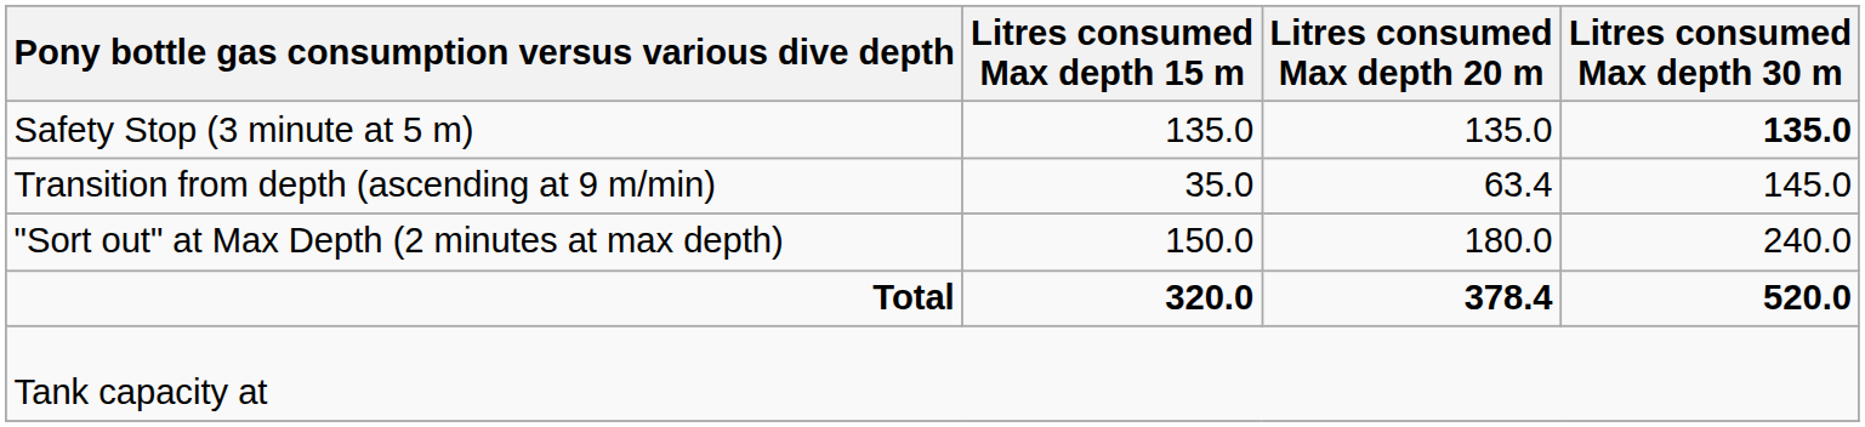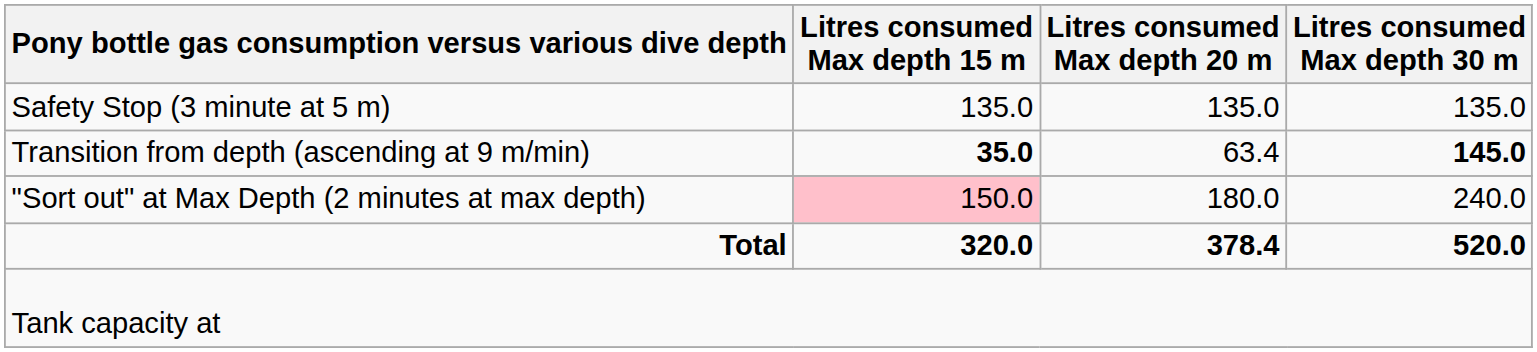 <table class="wikitable" style="text-align:right ">
 <tr>
 <th>Pony bottle gas consumption versus various dive depth</th>
 <th>Litres consumed<br>Max depth 15 m</th>
 <th>Litres consumed<br>Max depth 20 m</th>
 <th>Litres consumed<br> Max depth 30 m</th>
 </tr>
 <tr>
 <td style="text-align:left">Safety Stop (3 minute at 5 m)</td>
 <td style="text-align:right; ">135.0</td>
 <td style="text-align:right; ">135.0</td>
-<td style="text-align:right; "><strong>135.0</strong></td>
+<td style="text-align:right; ">135.0</td>
 </tr>
 <tr>
 <td style="text-align:left">Transition from depth (ascending at 9 m/min)</td>
-<td style="text-align:right; ">35.0</td>
+<td style="text-align:right; "><strong>35.0</strong></td>
 <td style="text-align:right; ">63.4</td>
-<td style="text-align:right; ">145.0</td>
+<td style="text-align:right; "><strong>145.0</strong></td>
 </tr>
 <tr>
 <td style="text-align:left">"Sort out" at Max Depth (2 minutes at max depth)</td>
-<td style="text-align:right; ">150.0</td>
+<td style="background: pink; text-align:right; ">150.0</td>
 <td style="text-align:right; ">180.0</td>
 <td style="text-align:right; ">240.0</td>
 </tr>
 <tr>
 <td><strong>Total</strong></td>
 <td><strong>320.0</strong></td>
 <td><strong>378.4</strong></td>
 <td><strong>520.0 </strong></td>
 </tr>
 <tr>
 <td colspan=4 style="text-align:left"><br>Tank capacity at </td>
 </tr>
 </table>
